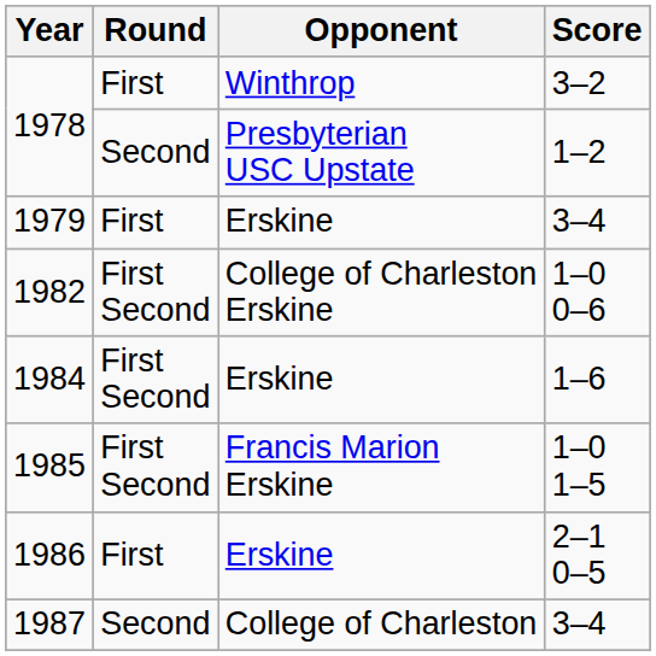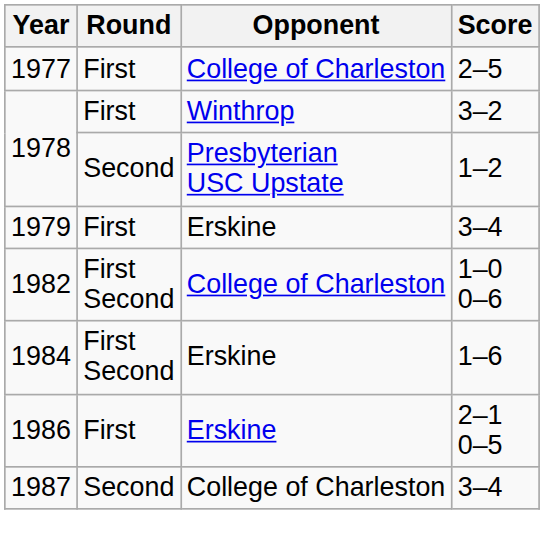 <table class= wikitable>
 <tr>
 <th width=px>Year</th>
 <th width=px>Round</th>
 <th width=px>Opponent</th>
 <th width=px>Score</th>
+</tr>
+<tr>
+<td>1977</td>
+<td>First</td>
+<td><a href='#'>College of Charleston</a></td>
+<td>2–5</td>
 </tr>
 <tr>
 <td rowspan=2>1978</td>
 <td>First</td>
 <td><a href='#'>Winthrop</a></td>
 <td>3–2</td>
 </tr>
 <tr>
 <td>Second</td>
 <td><a href='#'>Presbyterian</a><br><a href='#'>USC Upstate</a></td>
 <td>1–2</td>
 </tr>
 <tr>
 <td>1979</td>
 <td>First</td>
 <td>Erskine</td>
 <td>3–4</td>
 </tr>
 <tr>
 <td>1982</td>
 <td>First <br>Second</td>
-<td>College of Charleston<br>Erskine</td>
+<td><a href='#'>College of Charleston</a></td>
 <td>1–0<br> 0–6</td>
 </tr>
 <tr>
 <td>1984</td>
 <td>First <br>Second</td>
 <td>Erskine</td>
 <td>1–6</td>
-</tr>
-<tr>
-<td>1985</td>
-<td>First <br> Second</td>
-<td><a href='#'>Francis Marion</a><br>Erskine</td>
-<td>1–0<br> 1–5</td>
 </tr>
 <tr>
 <td>1986</td>
 <td>First</td>
 <td><a href='#'>Erskine</a></td>
 <td>2–1<br> 0–5</td>
 </tr>
 <tr>
 <td>1987</td>
 <td>Second</td>
 <td>College of Charleston</td>
 <td>3–4</td>
 </tr>
 </table>
